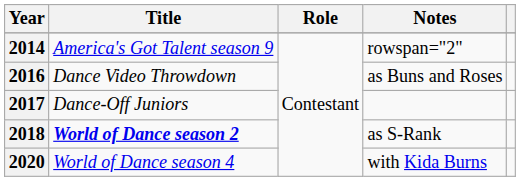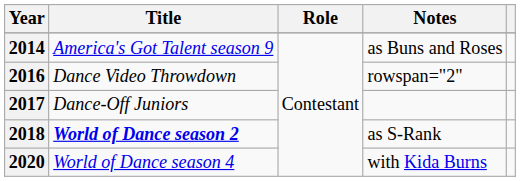 <table class="wikitable sortable plainrowheaders">
 <tr>
 <th scope="col">Year</th>
 <th scope="col">Title</th>
 <th scope="col">Role</th>
 <th scope="col">Notes</th>
 <th scope="col" class="unsortable"></th>
 </tr>
 <tr>
 </tr>
 <tr>
 <th scope="row">2014</th>
 <td><em><a href='#'>America's Got Talent season 9</a></em></td>
 <td rowspan="5">Contestant</td>
-<td>rowspan="2" </td>
+<td>as Buns and Roses</td>
 <td style="text-align:center"></td>
 </tr>
 <tr>
 <th scope="row">2016</th>
 <td><em>Dance Video Throwdown</em></td>
-<td>as Buns and Roses</td>
+<td>rowspan="2" </td>
 <td style="text-align:center"></td>
 </tr>
 <tr>
 <th scope="row">2017</th>
 <td><em>Dance-Off Juniors</em></td>
 <td style="text-align:center"></td>
 </tr>
 <tr>
 <th scope="row">2018</th>
 <td><strong><em><a href='#'>World of Dance season 2</a></em></strong></td>
 <td>as S-Rank</td>
 <td style="text-align:center"></td>
 </tr>
 <tr>
 <th scope="row">2020</th>
 <td><em><a href='#'>World of Dance season 4</a></em></td>
 <td>with <a href='#'>Kida Burns</a></td>
 <td style="text-align:center"></td>
 </tr>
 </table>
